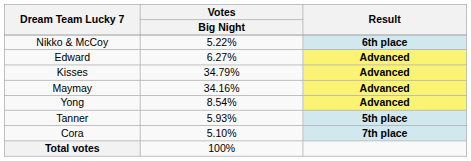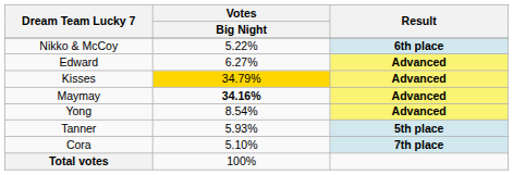 <table class="wikitable" style="text-align:center; font-size:90%; line-height:14px;" width="40%">
 <tr>
 <th rowspan="2" width="25%">Dream Team Lucky 7</th>
 <th colspan="1" width="30%">Votes</th>
 <th rowspan="2" width="30%">Result</th>
 </tr>
 <tr>
 <th width="05%">Big Night</th>
 </tr>
 <tr>
 </tr>
 <tr>
 <td>Nikko & McCoy</td>
 <td>5.22%</td>
 <td align="center" bgcolor="#D1E8EF"><strong>6th place</strong></td>
 </tr>
 <tr>
 <td>Edward</td>
 <td>6.27%</td>
 <td align="center" style="background:#FBF373;"><strong>Advanced</strong></td>
 </tr>
 <tr>
 <td>Kisses</td>
-<td>34.79%</td>
+<td style="background: gold;">34.79%</td>
 <td align="center" style="background:#FBF373;"><strong>Advanced</strong></td>
 </tr>
 <tr>
 <td>Maymay</td>
-<td>34.16%</td>
+<td><strong>34.16%</strong></td>
 <td align="center" style="background:#FBF373;"><strong>Advanced</strong></td>
 </tr>
 <tr>
 <td>Yong</td>
 <td>8.54%</td>
 <td align="center" style="background:#FBF373;"><strong>Advanced</strong></td>
 </tr>
 <tr>
 <td>Tanner</td>
 <td>5.93%</td>
 <td align="center" bgcolor="#D1E8EF"><strong>5th place</strong></td>
 </tr>
 <tr>
 <td>Cora</td>
 <td>5.10%</td>
 <td align="center" bgcolor="#D1E8EF"><strong>7th place</strong></td>
 </tr>
 <tr>
 <th colspan=1>Total votes</th>
 <td>100%</td>
 <td></td>
 </tr>
 </table>
